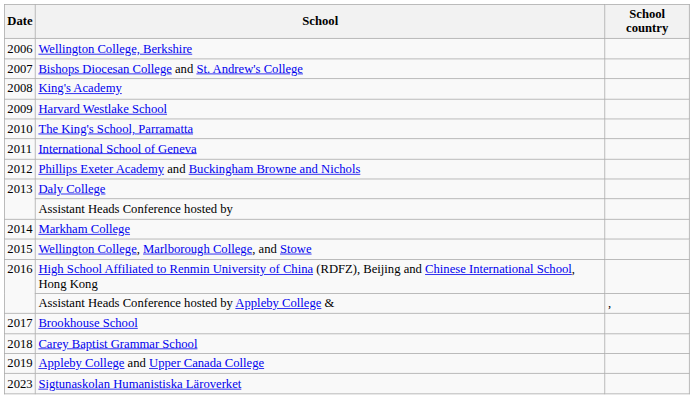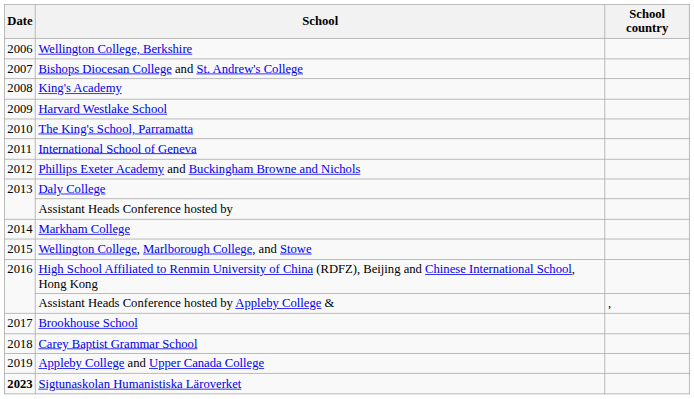 <table class="wikitable">
 <tr>
 <th>Date</th>
 <th>School</th>
 <th>School country</th>
 </tr>
 <tr valign="top">
 <td>2006</td>
 <td><a href='#'>Wellington College, Berkshire</a></td>
 <td><em></em></td>
 </tr>
 <tr valign="top">
 <td>2007</td>
 <td><a href='#'>Bishops Diocesan College</a> and <a href='#'>St. Andrew's College</a></td>
 <td><em></em></td>
 </tr>
 <tr valign="top">
 <td>2008</td>
 <td><a href='#'>King's Academy</a></td>
 <td><em></em></td>
 </tr>
 <tr valign="top">
 <td>2009</td>
 <td><a href='#'>Harvard Westlake School</a></td>
 <td><em></em></td>
 </tr>
 <tr valign="top">
 <td>2010</td>
 <td><a href='#'>The King's School, Parramatta</a></td>
 <td><em></em></td>
 </tr>
 <tr valign="top">
 <td>2011</td>
 <td><a href='#'>International School of Geneva</a></td>
 <td><em></em></td>
 </tr>
 <tr valign="top">
 <td>2012</td>
 <td><a href='#'>Phillips Exeter Academy</a> and <a href='#'>Buckingham Browne and Nichols</a></td>
 <td><em></em></td>
 </tr>
 <tr valign="top">
 <td rowspan="2">2013</td>
 <td><a href='#'>Daly College</a></td>
 <td><em></em></td>
 </tr>
 <tr>
 <td>Assistant Heads Conference hosted by </td>
 <td><em></em></td>
 </tr>
 <tr valign="top">
 <td>2014</td>
 <td><a href='#'>Markham College</a></td>
 <td><em></em></td>
 </tr>
 <tr valign="top">
 <td>2015</td>
 <td><a href='#'>Wellington College</a>, <a href='#'>Marlborough College</a>, and <a href='#'>Stowe</a></td>
 <td><em></em></td>
 </tr>
 <tr valign="top">
 <td rowspan="2">2016</td>
 <td><a href='#'>High School Affiliated to Renmin University of China</a> (RDFZ), Beijing and <a href='#'>Chinese International School</a>, Hong Kong</td>
 <td><em></em></td>
 </tr>
 <tr>
 <td>Assistant Heads Conference hosted by <a href='#'>Appleby College</a> & </td>
 <td>, </td>
 </tr>
 <tr>
 <td>2017</td>
 <td><a href='#'>Brookhouse School</a></td>
 <td></td>
 </tr>
 <tr>
 <td>2018</td>
 <td><a href='#'>Carey Baptist Grammar School</a></td>
 <td></td>
 </tr>
 <tr>
 <td>2019</td>
 <td><a href='#'>Appleby College</a> and <a href='#'>Upper Canada College</a></td>
 <td></td>
 </tr>
 <tr>
-<td>2023</td>
+<td><strong>2023</strong></td>
 <td><a href='#'>Sigtunaskolan Humanistiska Läroverket</a></td>
 <td></td>
 </tr>
 </table>
